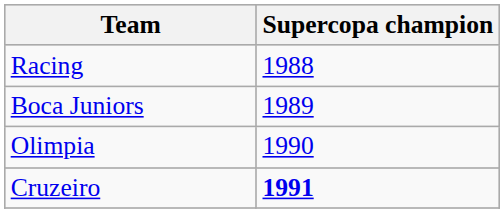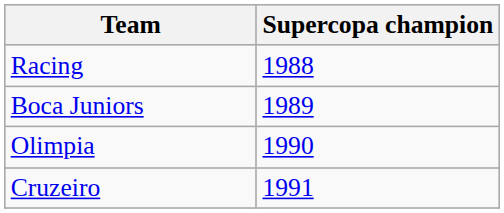 <table class="wikitable">
 <tr>
 <th width=150px>Team</th>
 <th>Supercopa champion</th>
 </tr>
 <tr>
 <td> <a href='#'>Racing</a></td>
 <td><a href='#'>1988</a></td>
 </tr>
 <tr>
 <td> <a href='#'>Boca Juniors</a></td>
 <td><a href='#'>1989</a></td>
 </tr>
 <tr>
 <td> <a href='#'>Olimpia</a></td>
 <td><a href='#'>1990</a></td>
 </tr>
 <tr>
 <td> <a href='#'>Cruzeiro</a></td>
-<td><strong><a href='#'>1991</a></strong></td>
+<td><a href='#'>1991</a></td>
 </tr>
 </table>
